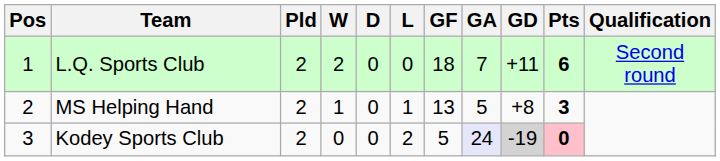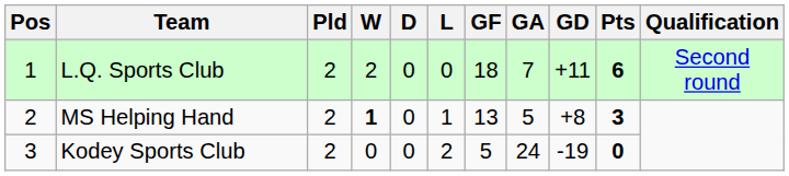 <table class="wikitable" style="text-align:center">
 <tr>
 <th style="width:20px;" abbr="Position">Pos</th>
 <th width=175>Team</th>
 <th style="width:20px;" abbr="Played">Pld</th>
 <th style="width:20px;" abbr="Won">W</th>
 <th style="width:20px;" abbr="Drawn">D</th>
 <th style="width:20px;" abbr="Lost">L</th>
 <th style="width:20px;" abbr="Goals for">GF</th>
 <th style="width:20px;" abbr="Goals against">GA</th>
 <th style="width:20px;" abbr="Goal difference">GD</th>
 <th style="width:20px;" abbr="Points">Pts</th>
 <th style="width:20px;">Qualification</th>
 </tr>
 <tr style="background:#cfc;">
 <td>1</td>
 <td align=left>L.Q. Sports Club</td>
 <td>2</td>
 <td>2</td>
 <td>0</td>
 <td>0</td>
 <td>18</td>
 <td>7</td>
 <td>+11</td>
 <td><strong>6</strong></td>
 <td><a href='#'>Second round</a></td>
 </tr>
 <tr>
 <td>2</td>
 <td align=left>MS Helping Hand</td>
 <td>2</td>
-<td>1</td>
+<td><strong>1</strong></td>
 <td>0</td>
 <td>1</td>
 <td>13</td>
 <td>5</td>
 <td>+8</td>
 <td><strong>3</strong></td>
 </tr>
 <tr>
 <td>3</td>
 <td align=left>Kodey Sports Club</td>
 <td>2</td>
 <td>0</td>
 <td>0</td>
 <td>2</td>
 <td>5</td>
-<td style="background: lavender;">24</td>
-<td style="background: lightgrey;">-19</td>
-<td style="background: pink;"><strong>0</strong></td>
+<td>24</td>
+<td>-19</td>
+<td><strong>0</strong></td>
 </tr>
 </table>
